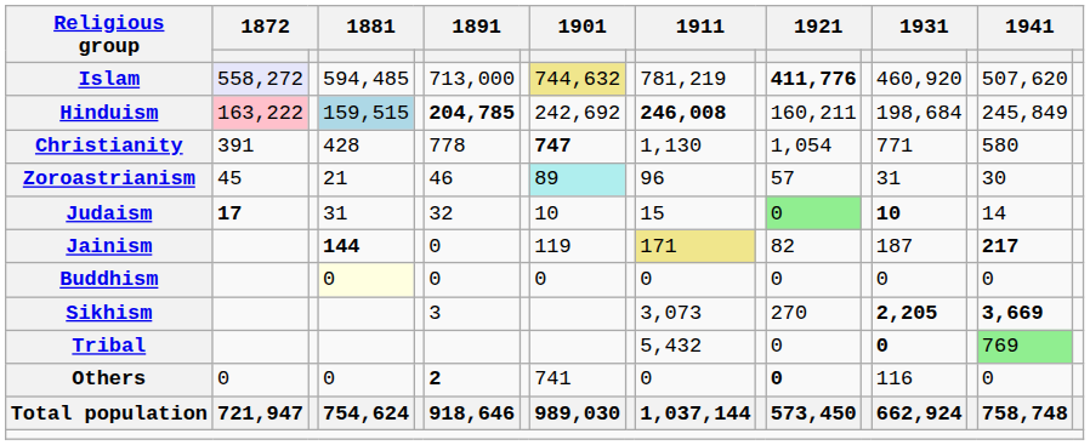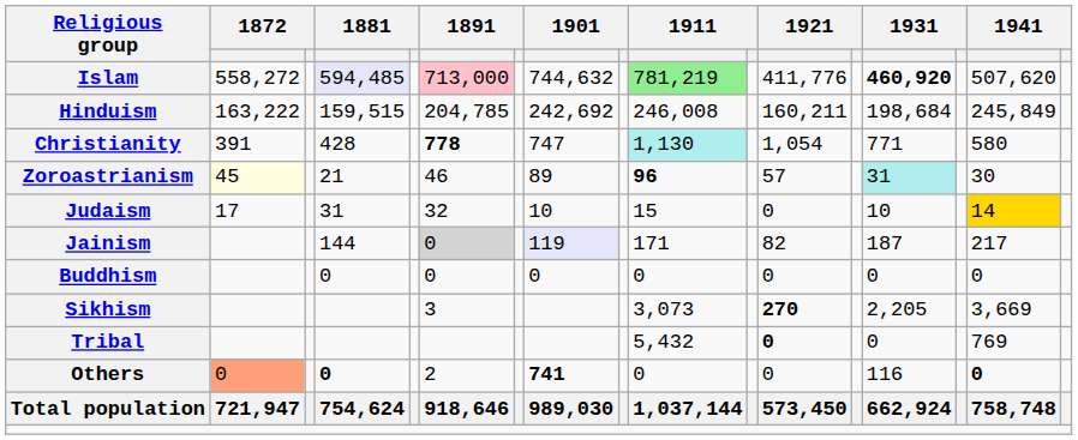 <table class="wikitable sortable">
 <tr>
 <th rowspan="2"><a href='#'>Religious</a><br>group</th>
 <th colspan="2">1872</th>
 <th colspan="2">1881</th>
 <th colspan="2">1891</th>
 <th colspan="2">1901</th>
 <th colspan="2">1911</th>
 <th colspan="2">1921</th>
 <th colspan="2">1931</th>
 <th colspan="2">1941</th>
 </tr>
 <tr>
 <th><a href='#'></a></th>
 <th></th>
 <th></th>
 <th></th>
 <th></th>
 <th></th>
 <th></th>
 <th></th>
 <th></th>
 <th></th>
 <th></th>
 <th></th>
 <th></th>
 <th></th>
 <th></th>
 <th></th>
 </tr>
 <tr>
 <th><a href='#'>Islam</a> </th>
-<td style="background: lavender;">558,272</td>
+<td>558,272</td>
 <td></td>
-<td>594,485</td>
+<td style="background: lavender;">594,485</td>
 <td></td>
-<td>713,000</td>
+<td style="background: pink;">713,000</td>
 <td></td>
-<td style="background: khaki;">744,632</td>
+<td>744,632</td>
 <td></td>
-<td>781,219</td>
+<td style="background: lightgreen;">781,219</td>
 <td></td>
-<td><strong>411,776</strong></td>
+<td>411,776</td>
 <td></td>
-<td>460,920</td>
+<td><strong>460,920</strong></td>
 <td></td>
 <td>507,620</td>
 <td></td>
 </tr>
 <tr>
 <th><a href='#'>Hinduism</a> </th>
-<td style="background: pink;">163,222</td>
+<td>163,222</td>
 <td></td>
-<td style="background: lightblue;">159,515</td>
+<td>159,515</td>
 <td></td>
-<td><strong>204,785</strong></td>
+<td>204,785</td>
 <td></td>
 <td>242,692</td>
 <td></td>
-<td><strong>246,008</strong></td>
+<td>246,008</td>
 <td></td>
 <td>160,211</td>
 <td></td>
 <td>198,684</td>
 <td></td>
 <td>245,849</td>
 <td></td>
 </tr>
 <tr>
 <th><a href='#'>Christianity</a> </th>
 <td>391</td>
 <td></td>
 <td>428</td>
 <td></td>
-<td>778</td>
+<td><strong>778</strong></td>
 <td></td>
-<td><strong>747</strong></td>
+<td>747</td>
 <td></td>
-<td>1,130</td>
+<td style="background: paleturquoise;">1,130</td>
 <td></td>
 <td>1,054</td>
 <td></td>
 <td>771</td>
 <td></td>
 <td>580</td>
 <td></td>
 </tr>
 <tr>
 <th><a href='#'>Zoroastrianism</a> </th>
-<td>45</td>
+<td style="background: lightyellow;">45</td>
 <td></td>
 <td>21</td>
 <td></td>
 <td>46</td>
 <td></td>
-<td style="background: paleturquoise;">89</td>
+<td>89</td>
 <td></td>
-<td>96</td>
+<td><strong>96</strong></td>
 <td></td>
 <td>57</td>
 <td></td>
-<td>31</td>
+<td style="background: paleturquoise;">31</td>
 <td></td>
 <td>30</td>
 <td></td>
 </tr>
 <tr>
 <th><a href='#'>Judaism</a> </th>
-<td><strong>17</strong></td>
+<td>17</td>
 <td></td>
 <td>31</td>
 <td></td>
 <td>32</td>
 <td></td>
 <td>10</td>
 <td></td>
 <td>15</td>
 <td></td>
-<td style="background: lightgreen;">0</td>
+<td>0</td>
 <td></td>
-<td><strong>10</strong></td>
+<td>10</td>
 <td></td>
-<td>14</td>
+<td style="background: gold;">14</td>
 <td></td>
 </tr>
 <tr>
 <th><a href='#'>Jainism</a> </th>
 <td></td>
 <td></td>
-<td><strong>144</strong></td>
+<td>144</td>
 <td></td>
-<td>0</td>
+<td style="background: lightgrey;">0</td>
 <td></td>
-<td>119</td>
+<td style="background: lavender;">119</td>
 <td></td>
-<td style="background: khaki;">171</td>
+<td>171</td>
 <td></td>
 <td>82</td>
 <td></td>
 <td>187</td>
 <td></td>
-<td><strong>217</strong></td>
+<td>217</td>
 <td></td>
 </tr>
 <tr>
 <th><a href='#'>Buddhism</a> </th>
 <td></td>
 <td></td>
-<td style="background: lightyellow;">0</td>
+<td>0</td>
 <td></td>
 <td>0</td>
 <td></td>
 <td>0</td>
 <td></td>
 <td>0</td>
 <td></td>
 <td>0</td>
 <td></td>
 <td>0</td>
 <td></td>
 <td>0</td>
 <td></td>
 </tr>
 <tr>
 <th><a href='#'>Sikhism</a> </th>
 <td></td>
 <td></td>
 <td></td>
 <td></td>
 <td>3</td>
 <td></td>
 <td></td>
 <td></td>
 <td>3,073</td>
 <td></td>
-<td>270</td>
+<td><strong>270</strong></td>
 <td></td>
-<td><strong>2,205</strong></td>
+<td>2,205</td>
 <td></td>
-<td><strong>3,669</strong></td>
+<td>3,669</td>
 <td></td>
 </tr>
 <tr>
 <th><a href='#'>Tribal</a></th>
 <td></td>
 <td></td>
 <td></td>
 <td></td>
 <td></td>
 <td></td>
 <td></td>
 <td></td>
 <td>5,432</td>
 <td></td>
+<td><strong>0</strong></td>
+<td></td>
 <td>0</td>
 <td></td>
-<td><strong>0</strong></td>
-<td></td>
-<td style="background: lightgreen;">769</td>
+<td>769</td>
 <td></td>
 </tr>
 <tr>
 <th>Others</th>
+<td style="background: lightsalmon;">0</td>
+<td></td>
+<td><strong>0</strong></td>
+<td></td>
+<td>2</td>
+<td></td>
+<td><strong>741</strong></td>
+<td></td>
 <td>0</td>
 <td></td>
 <td>0</td>
 <td></td>
-<td><strong>2</strong></td>
-<td></td>
-<td>741</td>
-<td></td>
-<td>0</td>
+<td>116</td>
 <td></td>
 <td><strong>0</strong></td>
-<td></td>
-<td>116</td>
-<td></td>
-<td>0</td>
 <td></td>
 </tr>
 <tr>
 <th>Total population</th>
 <th>721,947</th>
 <th></th>
 <th>754,624</th>
 <th></th>
 <th>918,646</th>
 <th></th>
 <th>989,030</th>
 <th></th>
 <th>1,037,144</th>
 <th></th>
 <th>573,450</th>
 <th></th>
 <th>662,924</th>
 <th></th>
 <th>758,748</th>
 <th></th>
 </tr>
 <tr class="sortbottom">
 <td colspan="20"></td>
 </tr>
 </table>
